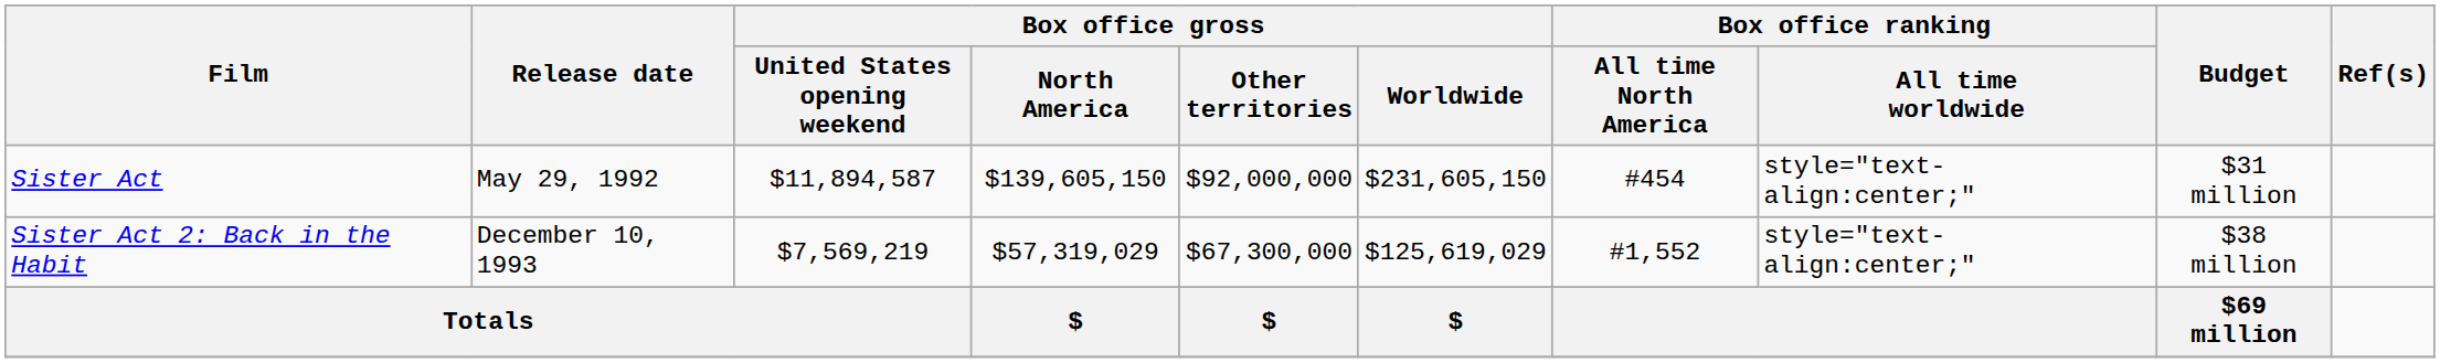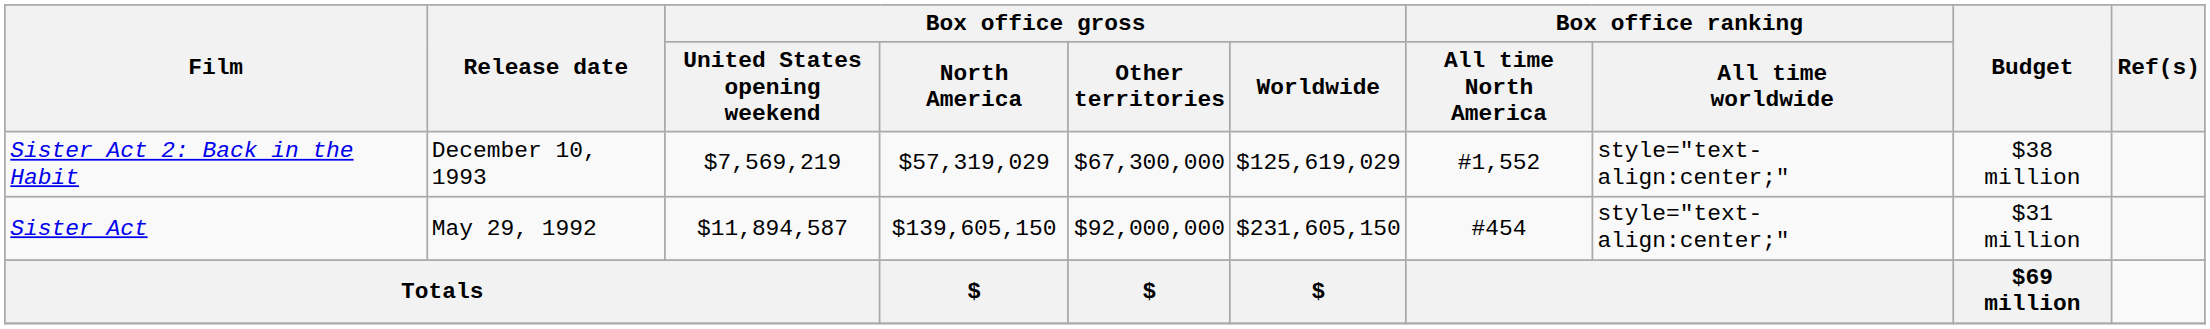 <table class="wikitable" style="width:99%;">
 <tr>
 <th rowspan="2">Film</th>
 <th rowspan="2">Release date</th>
 <th colspan="4">Box office gross</th>
 <th colspan="2">Box office ranking</th>
 <th rowspan="2">Budget</th>
 <th rowspan="2">Ref(s)</th>
 </tr>
 <tr>
 <th>United States <br>opening weekend</th>
 <th>North America</th>
 <th>Other <br>territories</th>
 <th>Worldwide</th>
 <th>All time <br>North America</th>
 <th>All time <br>worldwide</th>
 </tr>
 <tr>
+<td><em><a href='#'>Sister Act 2: Back in the Habit</a></em></td>
+<td>December 10, 1993</td>
+<td style="text-align:center;">$7,569,219</td>
+<td style="text-align:center;">$57,319,029</td>
+<td style="text-align:center;">$67,300,000</td>
+<td style="text-align:center;">$125,619,029</td>
+<td style="text-align:center;">#1,552</td>
+<td>style="text-align:center;" </td>
+<td style="text-align:center;">$38 million</td>
+<td></td>
+</tr>
+<tr>
 <td><em><a href='#'>Sister Act</a></em></td>
 <td>May 29, 1992</td>
 <td style="text-align:center;">$11,894,587</td>
 <td style="text-align:center;">$139,605,150</td>
 <td style="text-align:center;">$92,000,000</td>
 <td style="text-align:center;">$231,605,150</td>
 <td style="text-align:center;">#454</td>
 <td>style="text-align:center;" </td>
 <td style="text-align:center;">$31 million</td>
-<td></td>
-</tr>
-<tr>
-<td><em><a href='#'>Sister Act 2: Back in the Habit</a></em></td>
-<td>December 10, 1993</td>
-<td style="text-align:center;">$7,569,219</td>
-<td style="text-align:center;">$57,319,029</td>
-<td style="text-align:center;">$67,300,000</td>
-<td style="text-align:center;">$125,619,029</td>
-<td style="text-align:center;">#1,552</td>
-<td>style="text-align:center;" </td>
-<td style="text-align:center;">$38 million</td>
 <td></td>
 </tr>
 <tr>
 <th colspan="3">Totals</th>
 <th>$</th>
 <th>$</th>
 <th>$</th>
 <th colspan="2"></th>
 <th>$69 million</th>
 <td></td>
 </tr>
 <tr>
 </tr>
 </table>
